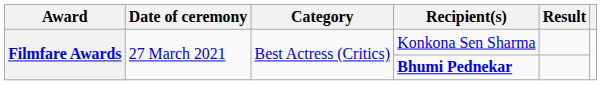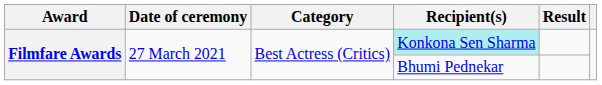 <table class="wikitable plainrowheaders sortable">
 <tr>
 <th scope="col">Award</th>
 <th scope="col">Date of ceremony</th>
 <th scope="col">Category</th>
 <th scope="col">Recipient(s)</th>
 <th scope="col" class="unsortable">Result</th>
 <th scope="col" class="unsortable"></th>
 </tr>
 <tr>
 <th scope="row" rowspan="2"><a href='#'>Filmfare Awards</a></th>
 <td rowspan="2"><a href='#'>27 March 2021</a></td>
 <td rowspan="2"><a href='#'>Best Actress (Critics)</a></td>
-<td><a href='#'>Konkona Sen Sharma</a></td>
+<td style="background: paleturquoise;"><a href='#'>Konkona Sen Sharma</a></td>
 <td></td>
 <td style="text-align:center;" rowspan="2"></td>
 </tr>
 <tr>
-<td><strong><a href='#'>Bhumi Pednekar</a></strong></td>
+<td><a href='#'>Bhumi Pednekar</a></td>
 <td></td>
 </tr>
 </table>
